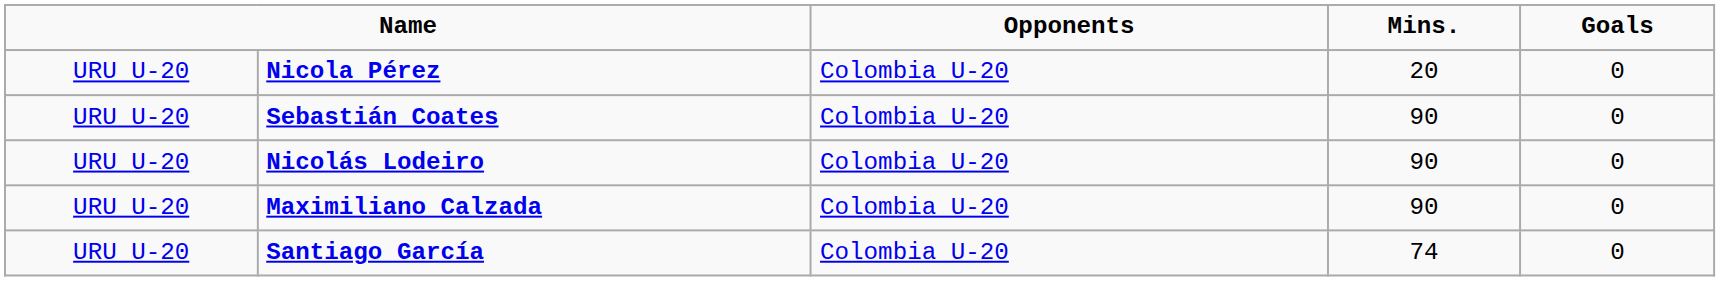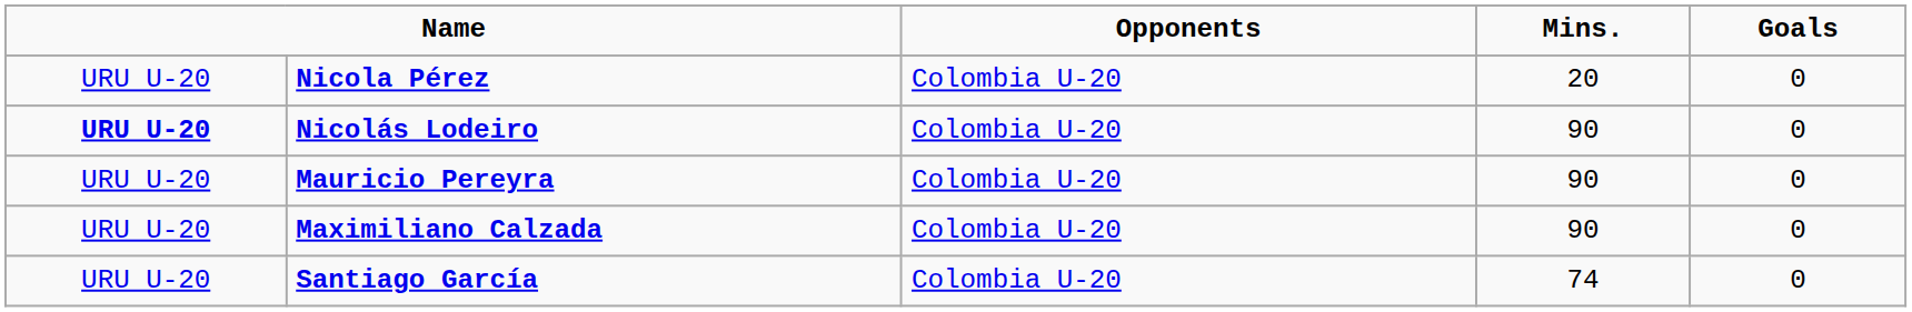 <table class= width=90% border="2" cellpadding="4" cellspacing="0" style="text-align=center: 1em 1em 1em 0; background: #f9f9f9; border: 1px #aaa solid; border-collapse: collapse; font-size: 95%;">
 <tr>
 <th width=25% colspan=2>Name</th>
 <th width=16%>Opponents</th>
 <th width=6%>Mins.</th>
 <th width=6%>Goals</th>
 </tr>
 <tr>
 <td align=center> <a href='#'>URU U-20</a></td>
 <td><strong><a href='#'>Nicola Pérez</a></strong></td>
 <td> <a href='#'>Colombia U-20</a></td>
 <td align=center>20</td>
 <td align=center>0</td>
 </tr>
 <tr>
-<td align=center> <a href='#'>URU U-20</a></td>
-<td><strong><a href='#'>Sebastián Coates</a></strong></td>
+<td align=center><strong> <a href='#'>URU U-20</a></strong></td>
+<td><strong><a href='#'>Nicolás Lodeiro</a></strong></td>
 <td> <a href='#'>Colombia U-20</a></td>
 <td align=center>90</td>
 <td align=center>0</td>
 </tr>
 <tr>
 <td align=center> <a href='#'>URU U-20</a></td>
-<td><strong><a href='#'>Nicolás Lodeiro</a></strong></td>
+<td><strong><a href='#'>Mauricio Pereyra</a></strong></td>
 <td> <a href='#'>Colombia U-20</a></td>
 <td align=center>90</td>
 <td align=center>0</td>
 </tr>
 <tr>
 <td align=center> <a href='#'>URU U-20</a></td>
 <td><strong><a href='#'>Maximiliano Calzada</a></strong></td>
 <td> <a href='#'>Colombia U-20</a></td>
 <td align=center>90</td>
 <td align=center>0</td>
 </tr>
 <tr>
 <td align=center> <a href='#'>URU U-20</a></td>
 <td><strong><a href='#'>Santiago García</a></strong></td>
 <td> <a href='#'>Colombia U-20</a></td>
 <td align=center>74</td>
 <td align=center>0</td>
 </tr>
 </table>
